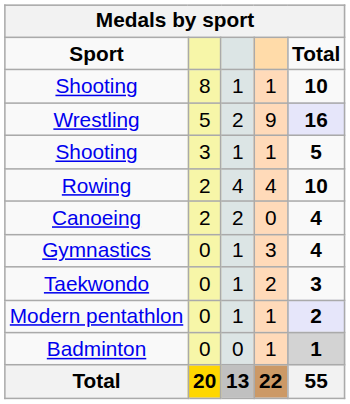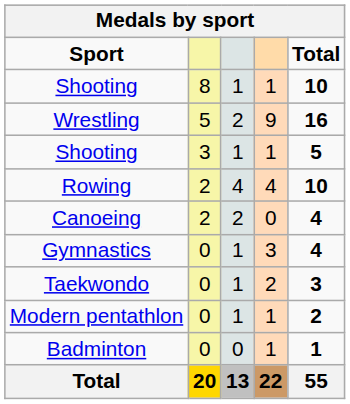 <table class=wikitable style="font-size:85%; float:right;text-align:center">
 <tr bgcolor=EFEFEF>
 <th colspan=7>Medals by sport</th>
 </tr>
 <tr>
 <td><strong>Sport</strong></td>
 <td bgcolor=F7F6A8></td>
 <td bgcolor=DCE5E5></td>
 <td bgcolor=FFDBA9></td>
 <td><strong>Total</strong></td>
 </tr>
 <tr>
 <td><a href='#'>Shooting</a></td>
 <td bgcolor=F7F6A8>8</td>
 <td bgcolor=DCE5E5>1</td>
 <td bgcolor=FFDAB9>1</td>
 <td><strong>10</strong></td>
 </tr>
 <tr>
 <td><a href='#'>Wrestling</a></td>
 <td bgcolor=F7F6A8>5</td>
 <td bgcolor=DCE5E5>2</td>
 <td bgcolor=FFDAB9>9</td>
-<td style="background: lavender;"><strong>16</strong></td>
+<td><strong>16</strong></td>
 </tr>
 <tr>
 <td><a href='#'>Shooting</a></td>
 <td bgcolor=F7F6A8>3</td>
 <td bgcolor=DCE5E5>1</td>
 <td bgcolor=FFDAB9>1</td>
 <td><strong>5</strong></td>
 </tr>
 <tr>
 <td><a href='#'>Rowing</a></td>
 <td bgcolor=F7F6A8>2</td>
 <td bgcolor=DCE5E5>4</td>
 <td bgcolor=FFDAB9>4</td>
 <td><strong>10</strong></td>
 </tr>
 <tr>
 <td><a href='#'>Canoeing</a></td>
 <td bgcolor=F7F6A8>2</td>
 <td bgcolor=DCE5E5>2</td>
 <td bgcolor=FFDAB9>0</td>
 <td><strong>4</strong></td>
 </tr>
 <tr>
 <td><a href='#'>Gymnastics</a></td>
 <td bgcolor=F7F6A8>0</td>
 <td bgcolor=DCE5E5>1</td>
 <td bgcolor=FFDAB9>3</td>
 <td><strong>4</strong></td>
 </tr>
 <tr>
 <td><a href='#'>Taekwondo</a></td>
 <td bgcolor=F7F6A8>0</td>
 <td bgcolor=DCE5E5>1</td>
 <td bgcolor=FFDAB9>2</td>
 <td><strong>3</strong></td>
 </tr>
 <tr>
 <td><a href='#'>Modern pentathlon</a></td>
 <td bgcolor=F7F6A8>0</td>
 <td bgcolor=DCE5E5>1</td>
 <td bgcolor=FFDAB9>1</td>
-<td style="background: lavender;"><strong>2</strong></td>
+<td><strong>2</strong></td>
 </tr>
 <tr>
 <td><a href='#'>Badminton</a></td>
 <td bgcolor=F7F6A8>0</td>
 <td bgcolor=DCE5E5>0</td>
 <td bgcolor=FFDAB9>1</td>
-<td style="background: lightgrey;"><strong>1</strong></td>
+<td><strong>1</strong></td>
 </tr>
 <tr>
 <th>Total</th>
 <th style=background:gold>20</th>
 <th style=background:silver>13</th>
 <th style=background:#C96>22</th>
 <th>55</th>
 </tr>
 </table>
